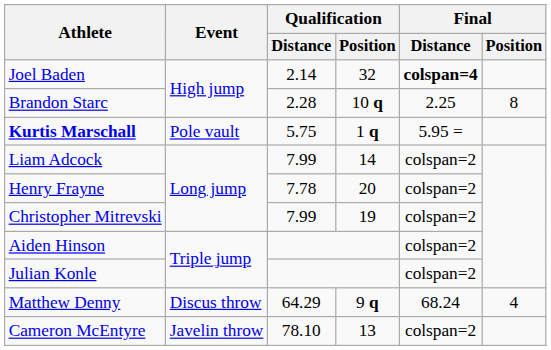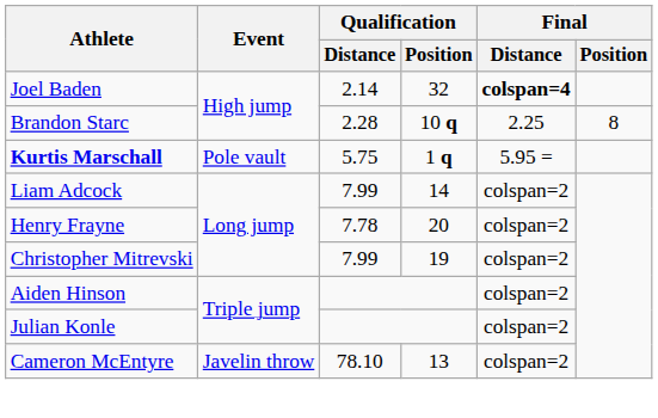 <table class=wikitable style=font-size:90%>
 <tr>
 <th rowspan=2>Athlete</th>
 <th rowspan=2>Event</th>
 <th colspan=2>Qualification</th>
 <th colspan=2>Final</th>
 </tr>
 <tr style=font-size:95%>
 <th>Distance</th>
 <th>Position</th>
 <th>Distance</th>
 <th>Position</th>
 </tr>
 <tr align=center>
 <td align=left><a href='#'>Joel Baden</a></td>
 <td align=left rowspan=2><a href='#'>High jump</a></td>
 <td>2.14</td>
 <td>32</td>
 <td><strong>colspan=4 </strong></td>
 </tr>
 <tr align=center>
 <td align=left><a href='#'>Brandon Starc</a></td>
 <td>2.28</td>
 <td>10 <strong>q</strong></td>
 <td>2.25</td>
 <td>8</td>
 </tr>
 <tr align=center>
 <td align=left><strong><a href='#'>Kurtis Marschall</a></strong></td>
 <td align=left><a href='#'>Pole vault</a></td>
 <td>5.75</td>
 <td>1 <strong>q</strong></td>
 <td>5.95 =</td>
 <td></td>
 </tr>
 <tr align=center>
 <td align=left><a href='#'>Liam Adcock</a></td>
 <td align=left rowspan=3><a href='#'>Long jump</a></td>
 <td>7.99</td>
 <td>14</td>
 <td>colspan=2 </td>
 </tr>
 <tr align=center>
 <td align=left><a href='#'>Henry Frayne</a></td>
 <td>7.78</td>
 <td>20</td>
 <td>colspan=2 </td>
 </tr>
 <tr align=center>
 <td align=left><a href='#'>Christopher Mitrevski</a></td>
 <td>7.99 </td>
 <td>19</td>
 <td>colspan=2 </td>
 </tr>
 <tr align=center>
 <td align=left><a href='#'>Aiden Hinson</a></td>
 <td align=left rowspan=2><a href='#'>Triple jump</a></td>
 <td colspan=2></td>
 <td>colspan=2 </td>
 </tr>
 <tr align=center>
 <td align=left><a href='#'>Julian Konle</a></td>
 <td colspan=2></td>
 <td>colspan=2 </td>
 </tr>
 <tr align=center>
-<td align=left><a href='#'>Matthew Denny</a></td>
-<td align=left><a href='#'>Discus throw</a></td>
-<td>64.29</td>
-<td>9 <strong>q</strong></td>
-<td>68.24 </td>
-<td>4</td>
-</tr>
-<tr align=center>
 <td align=left><a href='#'>Cameron McEntyre</a></td>
 <td align=left><a href='#'>Javelin throw</a></td>
 <td>78.10</td>
 <td>13</td>
 <td>colspan=2 </td>
 </tr>
 </table>
